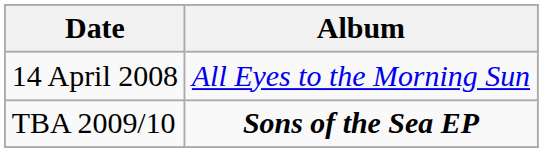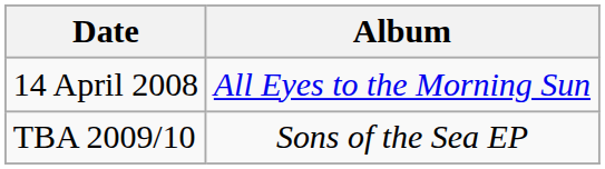 <table class="wikitable">
 <tr>
 <th>Date</th>
 <th>Album</th>
 </tr>
 <tr>
 <td>14 April 2008</td>
 <td align="center"><em><a href='#'>All Eyes to the Morning Sun</a></em></td>
 </tr>
 <tr>
 <td>TBA 2009/10</td>
-<td align="center"><strong><em>Sons of the Sea EP</em></strong></td>
+<td align="center"><em>Sons of the Sea EP</em></td>
 </tr>
 </table>
